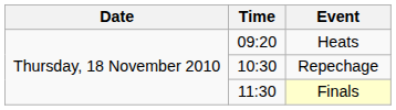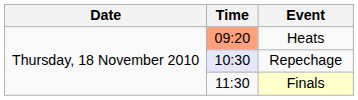 <table class = "wikitable" style="text-align:center;">
 <tr>
 <th width=220>Date</th>
 <th width=50>Time</th>
 <th width=100>Event</th>
 </tr>
 <tr>
 <td rowspan=3>Thursday, 18 November 2010</td>
-<td>09:20</td>
+<td style="background: lightsalmon;">09:20</td>
 <td>Heats</td>
 </tr>
 <tr>
-<td>10:30</td>
+<td style="background: lavender;">10:30</td>
 <td>Repechage</td>
 </tr>
 <tr>
 <td>11:30</td>
 <td style="background:#ffffcc;">Finals</td>
 </tr>
 </table>
